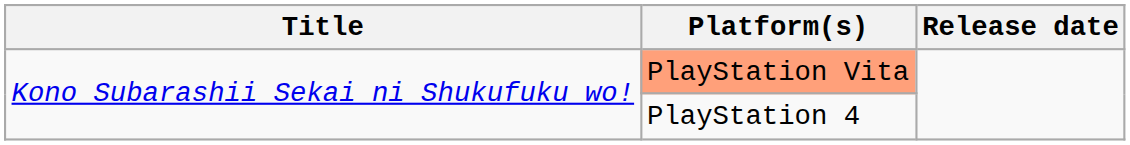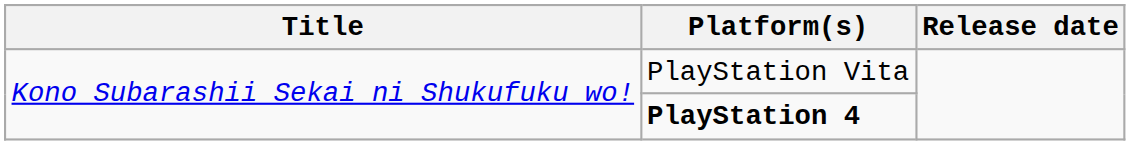 <table class="wikitable sortable" width="auto">
 <tr>
 <th>Title</th>
 <th>Platform(s)</th>
 <th>Release date</th>
 </tr>
 <tr>
 <td scope="row" rowspan="2"><em><a href='#'>Kono Subarashii Sekai ni Shukufuku wo!</a></em></td>
-<td style="background: lightsalmon;">PlayStation Vita</td>
+<td>PlayStation Vita</td>
 <td scope="row" rowspan="2"></td>
 </tr>
 <tr>
-<td>PlayStation 4</td>
+<td><strong>PlayStation 4</strong></td>
 </tr>
 </table>
